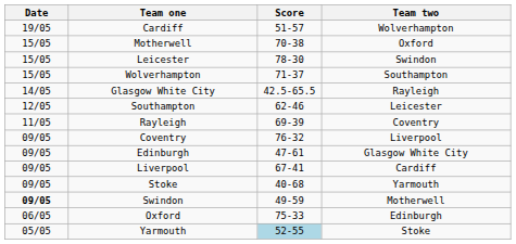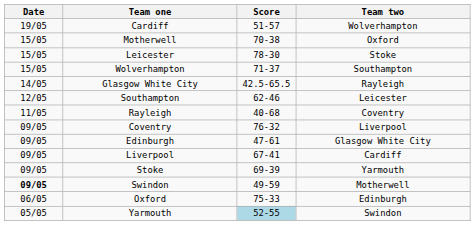 <table class="wikitable" style="text-align: center">
 <tr>
 <th width=80>Date</th>
 <th width=250>Team one</th>
 <th width=80>Score</th>
 <th width=250>Team two</th>
 </tr>
 <tr>
 <td>19/05</td>
 <td>Cardiff</td>
 <td>51-57</td>
 <td>Wolverhampton</td>
 </tr>
 <tr>
 <td>15/05</td>
 <td>Motherwell</td>
 <td>70-38</td>
 <td>Oxford</td>
 </tr>
 <tr>
 <td>15/05</td>
 <td>Leicester</td>
 <td>78-30</td>
-<td>Swindon</td>
+<td>Stoke</td>
 </tr>
 <tr>
 <td>15/05</td>
 <td>Wolverhampton</td>
 <td>71-37</td>
 <td>Southampton</td>
 </tr>
 <tr>
 <td>14/05</td>
 <td>Glasgow White City</td>
 <td>42.5-65.5</td>
 <td>Rayleigh</td>
 </tr>
 <tr>
 <td>12/05</td>
 <td>Southampton</td>
 <td>62-46</td>
 <td>Leicester</td>
 </tr>
 <tr>
 <td>11/05</td>
 <td>Rayleigh</td>
-<td>69-39</td>
+<td>40-68</td>
 <td>Coventry</td>
 </tr>
 <tr>
 <td>09/05</td>
 <td>Coventry</td>
 <td>76-32</td>
 <td>Liverpool</td>
 </tr>
 <tr>
 <td>09/05</td>
 <td>Edinburgh</td>
 <td>47-61</td>
 <td>Glasgow White City</td>
 </tr>
 <tr>
 <td>09/05</td>
 <td>Liverpool</td>
 <td>67-41</td>
 <td>Cardiff</td>
 </tr>
 <tr>
 <td>09/05</td>
 <td>Stoke</td>
-<td>40-68</td>
+<td>69-39</td>
 <td>Yarmouth</td>
 </tr>
 <tr>
 <td><strong>09/05</strong></td>
 <td>Swindon</td>
 <td>49-59</td>
 <td>Motherwell</td>
 </tr>
 <tr>
 <td>06/05</td>
 <td>Oxford</td>
 <td>75-33</td>
 <td>Edinburgh</td>
 </tr>
 <tr>
 <td>05/05</td>
 <td>Yarmouth</td>
 <td style="background: lightblue;">52-55</td>
-<td>Stoke</td>
+<td>Swindon</td>
 </tr>
 </table>
